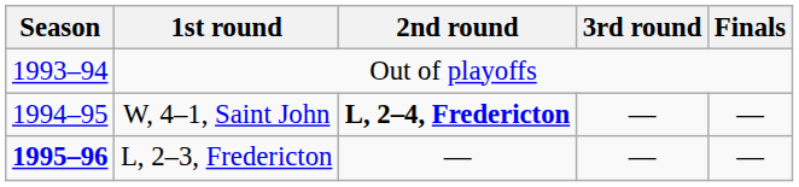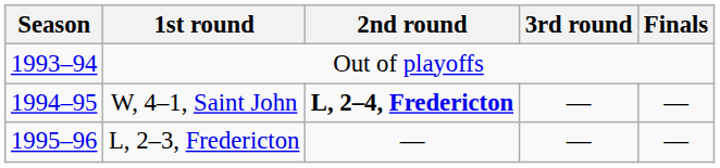 <table class="wikitable" style="text-align:center">
 <tr>
 <th>Season</th>
 <th>1st round</th>
 <th>2nd round</th>
 <th>3rd round</th>
 <th>Finals</th>
 </tr>
 <tr>
 <td><a href='#'>1993–94</a></td>
 <td colspan="4">Out of <a href='#'>playoffs</a></td>
 </tr>
 <tr>
 <td><a href='#'>1994–95</a></td>
 <td>W, 4–1, <a href='#'>Saint John</a></td>
 <td><strong>L, 2–4, <a href='#'>Fredericton</a></strong></td>
 <td>—</td>
 <td>—</td>
 </tr>
 <tr>
-<td><strong><a href='#'>1995–96</a></strong></td>
+<td><a href='#'>1995–96</a></td>
 <td>L, 2–3, <a href='#'>Fredericton</a></td>
 <td>—</td>
 <td>—</td>
 <td>—</td>
 </tr>
 </table>
